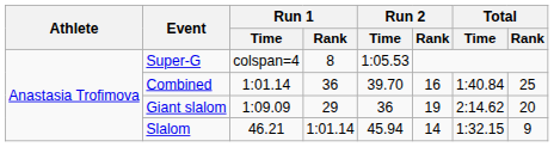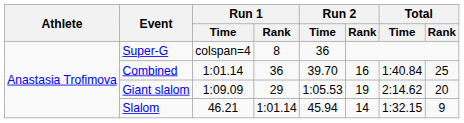 <table class="wikitable" style="font-size:90%; text-align:center;">
 <tr>
 <th rowspan=2>Athlete</th>
 <th rowspan=2>Event</th>
 <th colspan=2>Run 1</th>
 <th colspan=2>Run 2</th>
 <th colspan=2>Total</th>
 </tr>
 <tr style="font-size:95%">
 <th>Time</th>
 <th>Rank</th>
 <th>Time</th>
 <th>Rank</th>
 <th>Time</th>
 <th>Rank</th>
 </tr>
 <tr>
 <td rowspan=4><a href='#'>Anastasia Trofimova</a></td>
 <td align=left><a href='#'>Super-G</a></td>
 <td>colspan=4 </td>
 <td>8</td>
-<td>1:05.53</td>
+<td>36</td>
 </tr>
 <tr>
 <td align=left><a href='#'>Combined</a></td>
 <td>1:01.14</td>
 <td>36</td>
 <td>39.70</td>
 <td>16</td>
 <td>1:40.84</td>
 <td>25</td>
 </tr>
 <tr>
 <td align=left><a href='#'>Giant slalom</a></td>
 <td>1:09.09</td>
 <td>29</td>
-<td>36</td>
+<td>1:05.53</td>
 <td>19</td>
 <td>2:14.62</td>
 <td>20</td>
 </tr>
 <tr>
 <td align=left><a href='#'>Slalom</a></td>
 <td>46.21</td>
 <td>1:01.14</td>
 <td>45.94</td>
 <td>14</td>
 <td>1:32.15</td>
 <td>9</td>
 </tr>
 </table>
